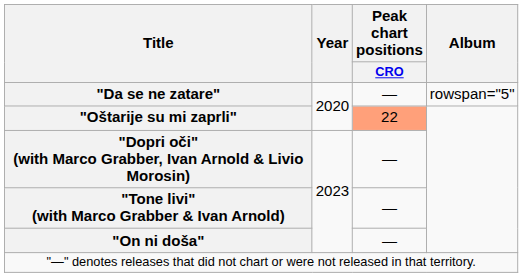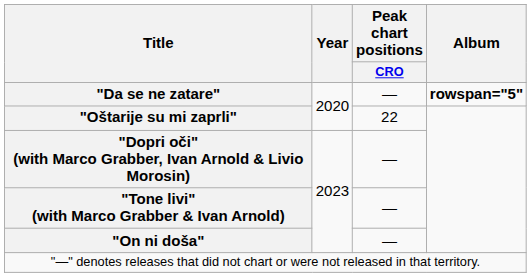 <table class="wikitable plainrowheaders" style="text-align:center;">
 <tr>
 <th scope="col" rowspan="2" style="width:20em;">Title</th>
 <th scope="col" rowspan="2" style="width:1em;">Year</th>
 <th scope="col" colspan="1">Peak chart positions</th>
 <th scope="col" rowspan="2">Album</th>
 </tr>
 <tr>
 <th scope="col" style="width:3em;font-size:85%;"><a href='#'>CRO</a><br></th>
 </tr>
 <tr>
 <th scope="row">"Da se ne zatare"</th>
 <td rowspan="2">2020</td>
 <td>—</td>
-<td>rowspan="5" </td>
+<td><strong>rowspan="5" </strong></td>
 </tr>
 <tr>
 <th scope="row">"Oštarije su mi zaprli"</th>
-<td style="background: lightsalmon;">22</td>
+<td>22</td>
 </tr>
 <tr>
 <th scope="row">"Dopri oči"<br><span>(with Marco Grabber, Ivan Arnold & Livio Morosin)</span></th>
 <td rowspan="3">2023</td>
 <td>—</td>
 </tr>
 <tr>
 <th scope="row">"Tone livi"<br><span>(with Marco Grabber & Ivan Arnold)</span></th>
 <td>—</td>
 </tr>
 <tr>
 <th scope="row">"On ni doša"</th>
 <td>—</td>
 </tr>
 <tr>
 <td colspan="22" style="text-align:center; font-size:85%;">"—" denotes releases that did not chart or were not released in that territory.</td>
 </tr>
 </table>
